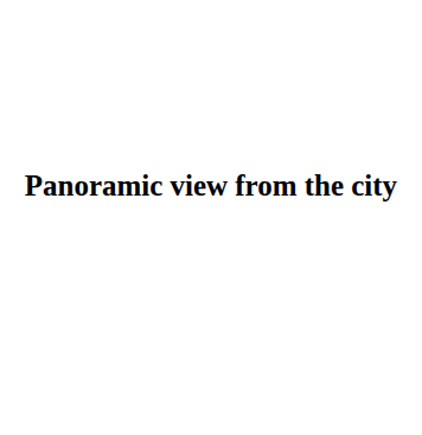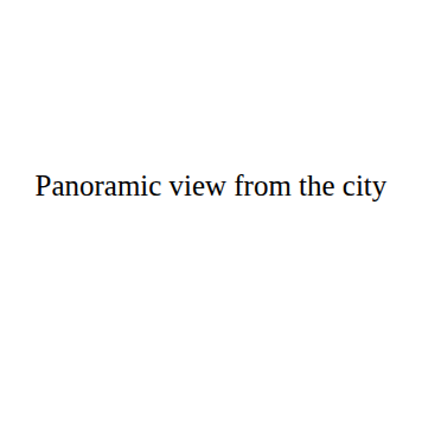 <table border="0"  style="background:white; color:black; height:230px; margin:auto; vertical-align:bottom;" cellpadding="10px" cellspacing="0px">
 <tr style="text-align:center;">
 <td></td>
 </tr>
 <tr style="text-align:center; vertical-align:top;">
-<td 100px;”><strong>Panoramic view from the city</strong></td>
+<td 100px;”>Panoramic view from the city</td>
 </tr>
 </table>
